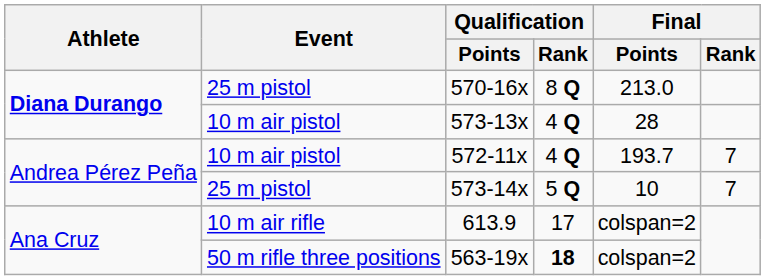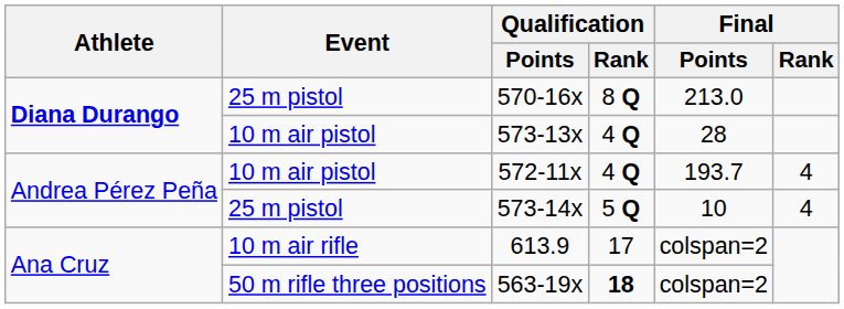 <table class=wikitable style=font-size:90%;text-align:center>
 <tr>
 <th rowspan=2>Athlete</th>
 <th rowspan=2>Event</th>
 <th colspan=2>Qualification</th>
 <th colspan=2>Final</th>
 </tr>
 <tr style=font-size:95%>
 <th>Points</th>
 <th>Rank</th>
 <th>Points</th>
 <th>Rank</th>
 </tr>
 <tr align=center>
 <td align=left rowspan=2><strong><a href='#'>Diana Durango</a></strong></td>
 <td align=left><a href='#'>25 m pistol</a></td>
 <td>570-16x</td>
 <td>8 <strong>Q</strong></td>
 <td>213.0</td>
 <td></td>
 </tr>
 <tr align=center>
 <td align=left><a href='#'>10 m air pistol</a></td>
 <td>573-13x</td>
 <td>4 <strong>Q</strong></td>
 <td>28</td>
 <td></td>
 </tr>
 <tr align=center>
 <td align=left rowspan=2><a href='#'>Andrea Pérez Peña</a></td>
 <td align=left><a href='#'>10 m air pistol</a></td>
 <td>572-11x</td>
 <td>4 <strong>Q</strong></td>
 <td>193.7</td>
-<td>7</td>
+<td>4</td>
 </tr>
 <tr align=center>
 <td align=left><a href='#'>25 m pistol</a></td>
 <td>573-14x</td>
 <td>5 <strong>Q</strong></td>
 <td>10</td>
-<td>7</td>
+<td>4</td>
 </tr>
 <tr align=center>
 <td align=left rowspan=2><a href='#'>Ana Cruz</a></td>
 <td align=left><a href='#'>10 m air rifle</a></td>
 <td>613.9</td>
 <td>17</td>
 <td>colspan=2 </td>
 </tr>
 <tr align=center>
 <td align=left><a href='#'>50 m rifle three positions</a></td>
 <td>563-19x</td>
 <td><strong>18</strong></td>
 <td>colspan=2 </td>
 </tr>
 </table>
